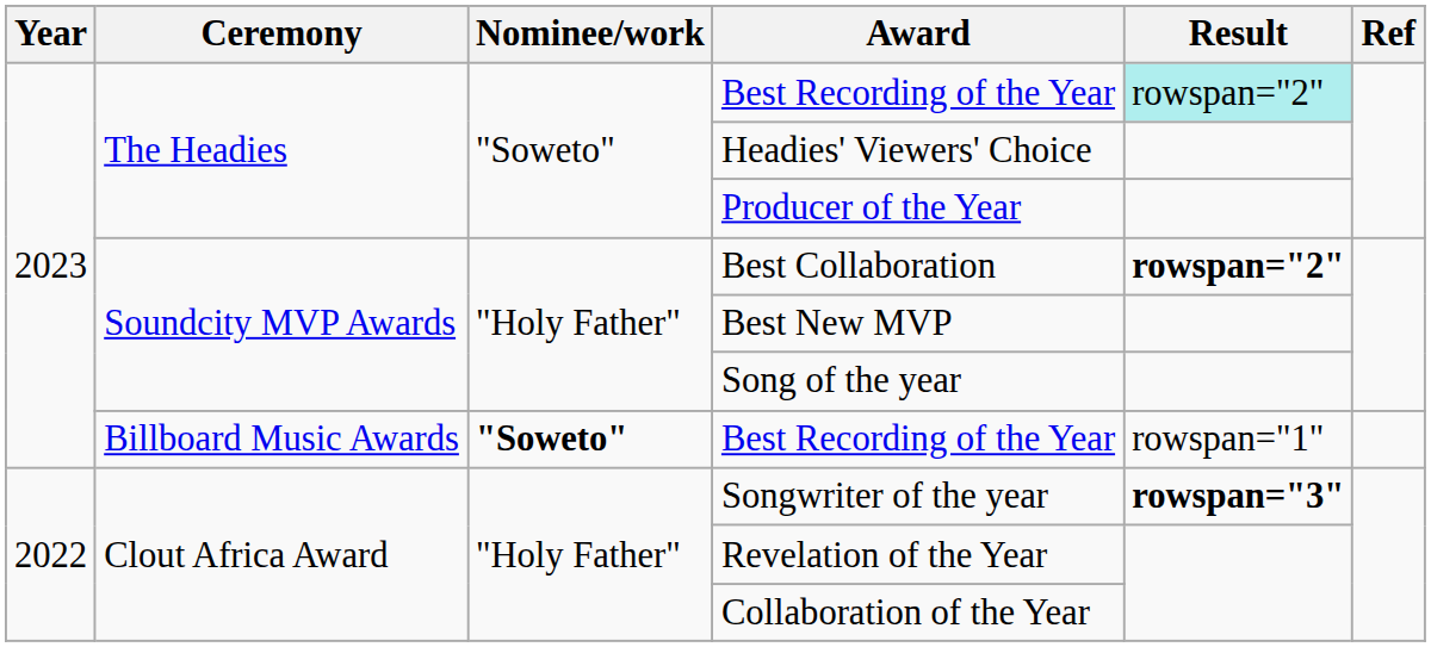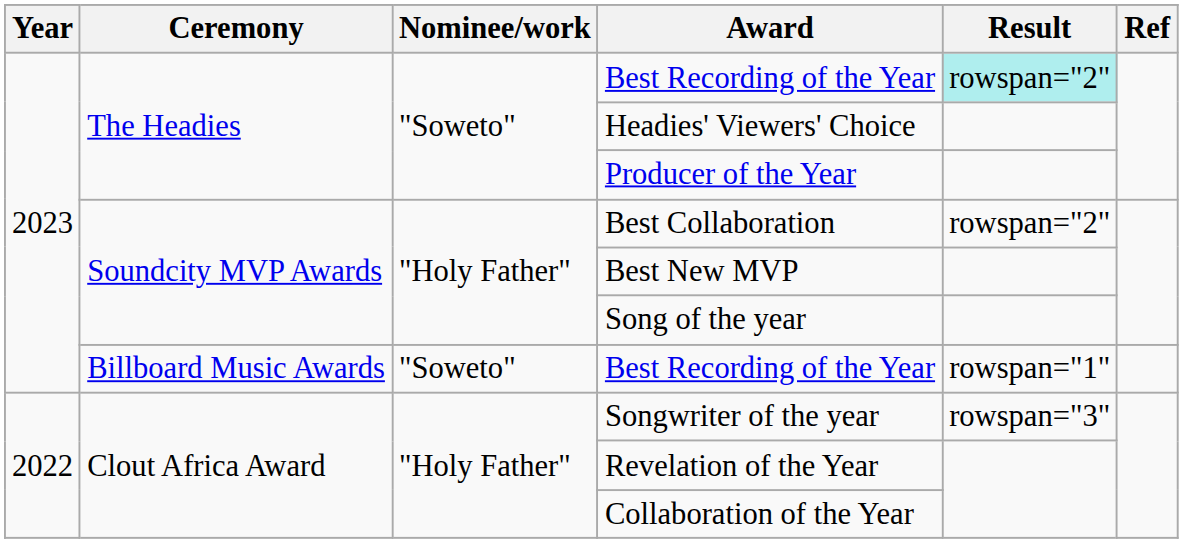 <table class="wikitable">
 <tr>
 <th>Year</th>
 <th>Ceremony</th>
 <th>Nominee/work</th>
 <th>Award</th>
 <th>Result</th>
 <th>Ref</th>
 </tr>
 <tr>
 <td rowspan="7">2023</td>
 <td rowspan="3"><a href='#'>The Headies</a></td>
 <td rowspan="3">"Soweto"</td>
 <td><a href='#'>Best Recording of the Year</a></td>
 <td style="background: paleturquoise;">rowspan="2" </td>
 <td rowspan="3"></td>
 </tr>
 <tr>
 <td>Headies' Viewers' Choice</td>
 </tr>
 <tr>
 <td><a href='#'>Producer of the Year</a></td>
 <td></td>
 </tr>
 <tr>
 <td rowspan="3"><a href='#'>Soundcity MVP Awards</a></td>
 <td rowspan="3">"Holy Father"</td>
 <td>Best Collaboration</td>
-<td><strong>rowspan="2" </strong></td>
+<td>rowspan="2" </td>
 <td rowspan="3"></td>
 </tr>
 <tr>
 <td>Best New MVP</td>
 </tr>
 <tr>
 <td>Song of the year</td>
 <td></td>
 </tr>
 <tr>
 <td rowspan="1"><a href='#'>Billboard Music Awards</a></td>
-<td rowspan="1"><strong>"Soweto"</strong></td>
+<td rowspan="1">"Soweto"</td>
 <td><a href='#'>Best Recording of the Year</a></td>
 <td>rowspan="1" </td>
 <td></td>
 </tr>
 <tr>
 <td rowspan="3">2022</td>
 <td rowspan="3">Clout Africa Award</td>
 <td rowspan="3">"Holy Father"</td>
 <td>Songwriter of the year</td>
-<td><strong>rowspan="3" </strong></td>
+<td>rowspan="3" </td>
 <td rowspan="3"></td>
 </tr>
 <tr>
 <td>Revelation of the Year</td>
 </tr>
 <tr>
 <td>Collaboration of the Year</td>
 </tr>
 </table>
